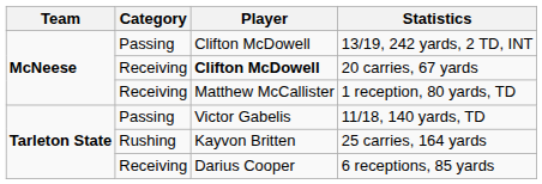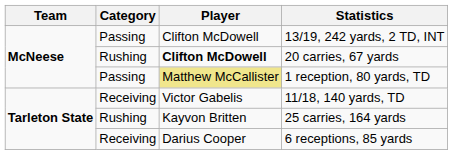 <table class="wikitable" style="float: right;">
 <tr>
 <th>Team</th>
 <th>Category</th>
 <th>Player</th>
 <th>Statistics</th>
 </tr>
 <tr>
 <td rowspan=3><strong>McNeese</strong></td>
 <td>Passing</td>
 <td>Clifton McDowell</td>
 <td>13/19, 242 yards, 2 TD, INT</td>
 </tr>
 <tr>
-<td>Receiving</td>
+<td>Rushing</td>
 <td><strong>Clifton McDowell</strong></td>
 <td>20 carries, 67 yards</td>
 </tr>
 <tr>
-<td>Receiving</td>
-<td>Matthew McCallister</td>
+<td>Passing</td>
+<td style="background: khaki;">Matthew McCallister</td>
 <td>1 reception, 80 yards, TD</td>
 </tr>
 <tr>
 <td rowspan=3><strong>Tarleton State</strong></td>
-<td>Passing</td>
+<td>Receiving</td>
 <td>Victor Gabelis</td>
 <td>11/18, 140 yards, TD</td>
 </tr>
 <tr>
 <td>Rushing</td>
 <td>Kayvon Britten</td>
 <td>25 carries, 164 yards</td>
 </tr>
 <tr>
 <td>Receiving</td>
 <td>Darius Cooper</td>
 <td>6 receptions, 85 yards</td>
 </tr>
 </table>
